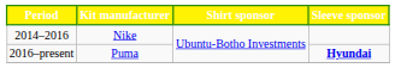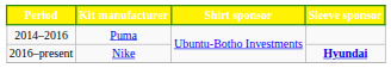 <table class="wikitable" style="text-align:center;margin-left:1em;float:center">
 <tr>
 <th style="background:#fff203; color:#ffffff; border:2px solid #268b07;">Period</th>
 <th style="background:#fff203; color:#ffffff; border:2px solid #268b07;">Kit manufacturer</th>
 <th style="background:#fff203; color:#ffffff; border:2px solid #268b07;">Shirt sponsor</th>
 <th style="background:#fff203; color:#ffffff; border:2px solid #268b07;">Sleeve sponsor</th>
 </tr>
 <tr>
 <td>2014–2016</td>
-<td> <a href='#'>Nike</a></td>
+<td>  <a href='#'>Puma</a></td>
 <td rowspan="2"> <a href='#'>Ubuntu-Botho Investments</a></td>
 <td></td>
 </tr>
 <tr>
 <td>2016–present</td>
-<td>  <a href='#'>Puma</a></td>
+<td> <a href='#'>Nike</a></td>
 <td><strong>  <a href='#'>Hyundai</a></strong></td>
 </tr>
 <tr>
 </tr>
 </table>
